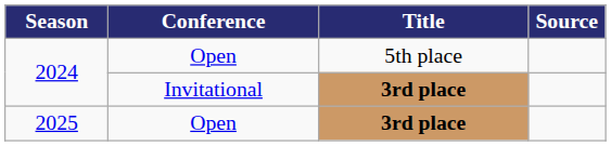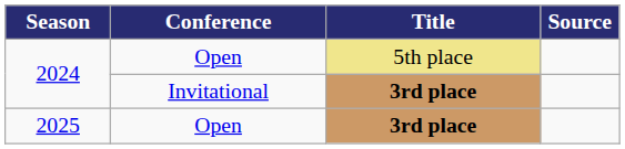 <table class="wikitable">
 <tr>
 <th width=70px style="background: #282B72; color: White; text-align: center">Season</th>
 <th width=150px style="background: #282B72; color: White">Conference</th>
 <th width=150px style="background: #282B72; color: White">Title</th>
 <th width=50px style="background: #282B72; color: White; text-align: center">Source</th>
 </tr>
 <tr align=center>
 <td rowspan=2><a href='#'>2024</a></td>
 <td><a href='#'>Open</a></td>
-<td>5th place</td>
+<td style="background: khaki;">5th place</td>
 <td></td>
 </tr>
 <tr align=center>
 <td><a href='#'>Invitational</a></td>
 <td bgcolor=#cc9966><strong>3rd place</strong></td>
 <td></td>
 </tr>
 <tr align=center>
 <td rowspan=2><a href='#'>2025</a></td>
 <td><a href='#'>Open</a></td>
 <td bgcolor=#cc9966><strong>3rd place</strong></td>
 <td></td>
 </tr>
 </table>
